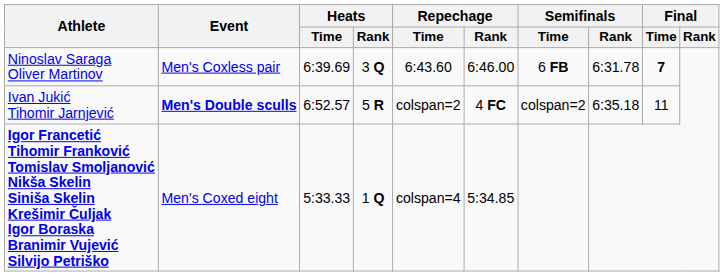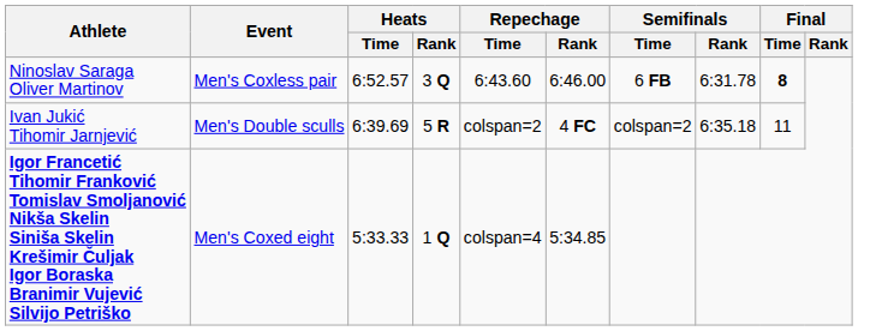 <table class="wikitable" style="font-size:90%">
 <tr>
 <th rowspan="2">Athlete</th>
 <th rowspan="2">Event</th>
 <th colspan="2">Heats</th>
 <th colspan="2">Repechage</th>
 <th colspan="2">Semifinals</th>
 <th colspan="2">Final</th>
 </tr>
 <tr style="font-size:95%">
 <th>Time</th>
 <th>Rank</th>
 <th>Time</th>
 <th>Rank</th>
 <th>Time</th>
 <th>Rank</th>
 <th>Time</th>
 <th>Rank</th>
 </tr>
 <tr align=center>
 <td align=left><a href='#'>Ninoslav Saraga</a><br><a href='#'>Oliver Martinov</a></td>
 <td align=left><a href='#'>Men's Coxless pair</a></td>
-<td>6:39.69</td>
+<td>6:52.57</td>
 <td>3 <strong>Q</strong></td>
 <td>6:43.60</td>
 <td>6:46.00</td>
 <td>6 <strong>FB</strong></td>
 <td>6:31.78</td>
-<td><strong>7</strong></td>
+<td><strong>8</strong></td>
 </tr>
 <tr align=center>
 <td align=left><a href='#'>Ivan Jukić</a><br><a href='#'>Tihomir Jarnjević</a></td>
-<td align=left><strong><a href='#'>Men's Double sculls</a></strong></td>
-<td>6:52.57</td>
+<td align=left><a href='#'>Men's Double sculls</a></td>
+<td>6:39.69</td>
 <td>5 <strong>R</strong></td>
 <td>colspan=2 </td>
 <td>4 <strong>FC</strong></td>
 <td>colspan=2 </td>
 <td>6:35.18</td>
 <td>11</td>
 </tr>
 <tr align=center>
 <td align=left><strong><a href='#'>Igor Francetić</a><br><a href='#'>Tihomir Franković</a><br><a href='#'>Tomislav Smoljanović</a><br><a href='#'>Nikša Skelin</a><br><a href='#'>Siniša Skelin</a><br><a href='#'>Krešimir Čuljak</a><br><a href='#'>Igor Boraska</a><br><a href='#'>Branimir Vujević</a><br><a href='#'>Silvijo Petriško</a></strong></td>
 <td align=left><a href='#'>Men's Coxed eight</a></td>
 <td>5:33.33</td>
 <td>1 <strong>Q</strong></td>
 <td>colspan=4 </td>
 <td>5:34.85</td>
 <td></td>
 </tr>
 </table>
